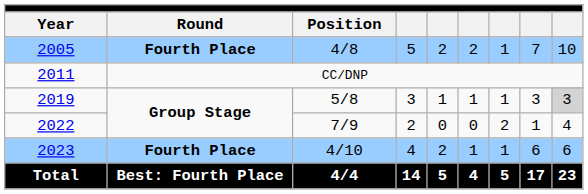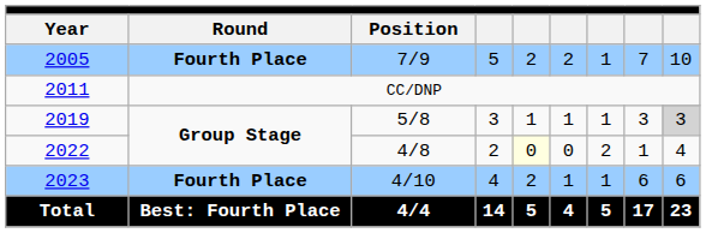 <table class="wikitable" style="text-align: center;">
 <tr>
 <th colspan=9 style="background: #000000; color: #FFFFFF;"><a href='#'></a></th>
 </tr>
 <tr>
 <th width=80>Year</th>
 <th width=150>Round</th>
 <th width=80>Position</th>
 <th width=20></th>
 <th width=20></th>
 <th width=20></th>
 <th width=20></th>
 <th width=20></th>
 <th width=20></th>
 </tr>
 <tr style="background:#9acdff;">
 <td> <a href='#'>2005</a></td>
 <td><strong>Fourth Place</strong></td>
-<td>4/8</td>
+<td>7/9</td>
 <td>5</td>
 <td>2</td>
 <td>2</td>
 <td>1</td>
 <td>7</td>
 <td>10</td>
 </tr>
 <tr>
 <td> <a href='#'>2011</a></td>
 <td colspan=8><small><abbr>CC</abbr>/<abbr>DNP</abbr></small></td>
 </tr>
 <tr>
 <td> <a href='#'>2019</a></td>
 <td rowspan=2><strong>Group Stage</strong></td>
 <td>5/8</td>
 <td>3</td>
 <td>1</td>
 <td>1</td>
 <td>1</td>
 <td>3</td>
 <td style="background: lightgrey;">3</td>
 </tr>
 <tr>
 <td> <a href='#'>2022</a></td>
-<td>7/9</td>
+<td>4/8</td>
 <td>2</td>
-<td>0</td>
+<td style="background: lightyellow;">0</td>
 <td>0</td>
 <td>2</td>
 <td>1</td>
 <td>4</td>
 </tr>
 <tr style="background:#9acdff;">
 <td> <a href='#'>2023</a></td>
 <td><strong>Fourth Place</strong></td>
 <td>4/10</td>
 <td>4</td>
 <td>2</td>
 <td>1</td>
 <td>1</td>
 <td>6</td>
 <td>6</td>
 </tr>
 <tr>
 <td style="background: #000000; color: #FFFFFF;"><strong>Total</strong></td>
 <td style="background: #000000; color: #FFFFFF;"><strong>Best: Fourth Place</strong></td>
 <td style="background: #000000; color: #FFFFFF;"><strong>4/4</strong></td>
 <td style="background: #000000; color: #FFFFFF;"><strong>14</strong></td>
 <td style="background: #000000; color: #FFFFFF;"><strong>5</strong></td>
 <td style="background: #000000; color: #FFFFFF;"><strong>4</strong></td>
 <td style="background: #000000; color: #FFFFFF;"><strong>5</strong></td>
 <td style="background: #000000; color: #FFFFFF;"><strong>17</strong></td>
 <td style="background: #000000; color: #FFFFFF;"><strong>23</strong></td>
 </tr>
 </table>
